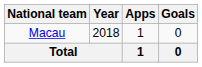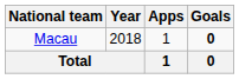 <table class="wikitable" style="text-align:center">
 <tr>
 <th>National team</th>
 <th>Year</th>
 <th>Apps</th>
 <th>Goals</th>
 </tr>
 <tr>
 <td><a href='#'>Macau</a></td>
 <td>2018</td>
 <td>1</td>
-<td>0</td>
+<td><strong>0</strong></td>
 </tr>
 <tr>
 <th colspan=2>Total</th>
 <th>1</th>
 <th>0</th>
 </tr>
 </table>
